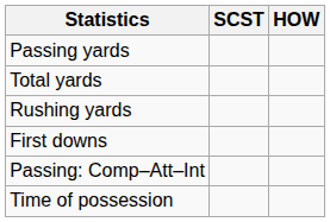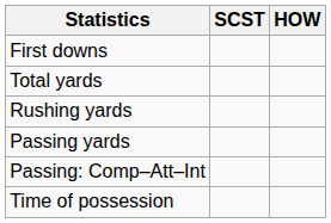 <table class="wikitable" style="float: left;">
 <tr>
 <th>Statistics</th>
 <th>SCST</th>
 <th>HOW</th>
 </tr>
 <tr>
-<td>Passing yards</td>
+<td>First downs</td>
 <td></td>
 <td></td>
 </tr>
 <tr>
 <td>Total yards</td>
 <td></td>
 <td></td>
 </tr>
 <tr>
 <td>Rushing yards</td>
 <td></td>
 <td></td>
 </tr>
 <tr>
-<td>First downs</td>
+<td>Passing yards</td>
 <td></td>
 <td></td>
 </tr>
 <tr>
 <td>Passing: Comp–Att–Int</td>
 <td></td>
 <td></td>
 </tr>
 <tr>
 <td>Time of possession</td>
 <td></td>
 <td></td>
 </tr>
 <tr>
 </tr>
 </table>
